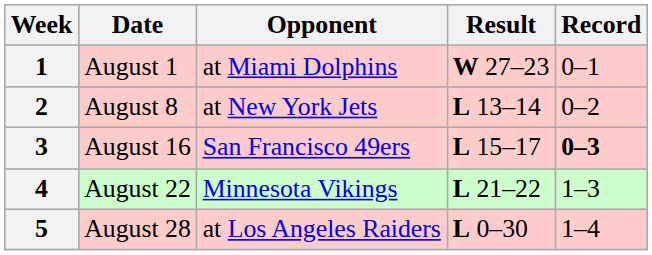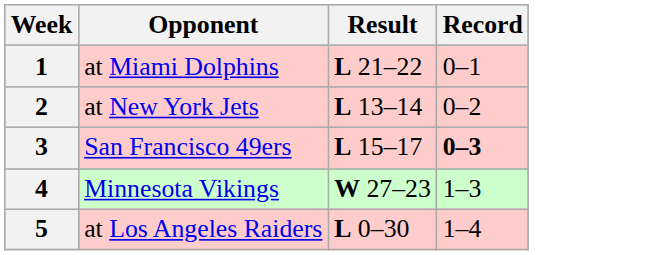 <table class="wikitable">
 <tr>
 <th>Week</th>
-<th>Date</th>
 <th>Opponent</th>
 <th>Result</th>
 <th>Record</th>
 </tr>
 <tr style="background:#fcc">
 <th>1</th>
-<td>August 1</td>
 <td>at <a href='#'>Miami Dolphins</a></td>
-<td><strong>W</strong> 27–23</td>
+<td><strong>L</strong> 21–22</td>
 <td>0–1</td>
 </tr>
 <tr style="background:#fcc">
 <th>2</th>
-<td>August 8</td>
 <td>at <a href='#'>New York Jets</a></td>
 <td><strong>L</strong> 13–14</td>
 <td>0–2</td>
 </tr>
 <tr style="background:#fcc">
 <th>3</th>
-<td>August 16</td>
 <td><a href='#'>San Francisco 49ers</a></td>
 <td><strong>L</strong> 15–17</td>
 <td><strong>0–3</strong></td>
 </tr>
 <tr style="background:#cfc">
 <th>4</th>
-<td>August 22</td>
 <td><a href='#'>Minnesota Vikings</a></td>
-<td><strong>L</strong> 21–22</td>
+<td><strong>W</strong> 27–23</td>
 <td>1–3</td>
 </tr>
 <tr style="background:#fcc">
 <th>5</th>
-<td>August 28</td>
 <td>at <a href='#'>Los Angeles Raiders</a></td>
 <td><strong>L</strong> 0–30</td>
 <td>1–4</td>
 </tr>
 </table>
